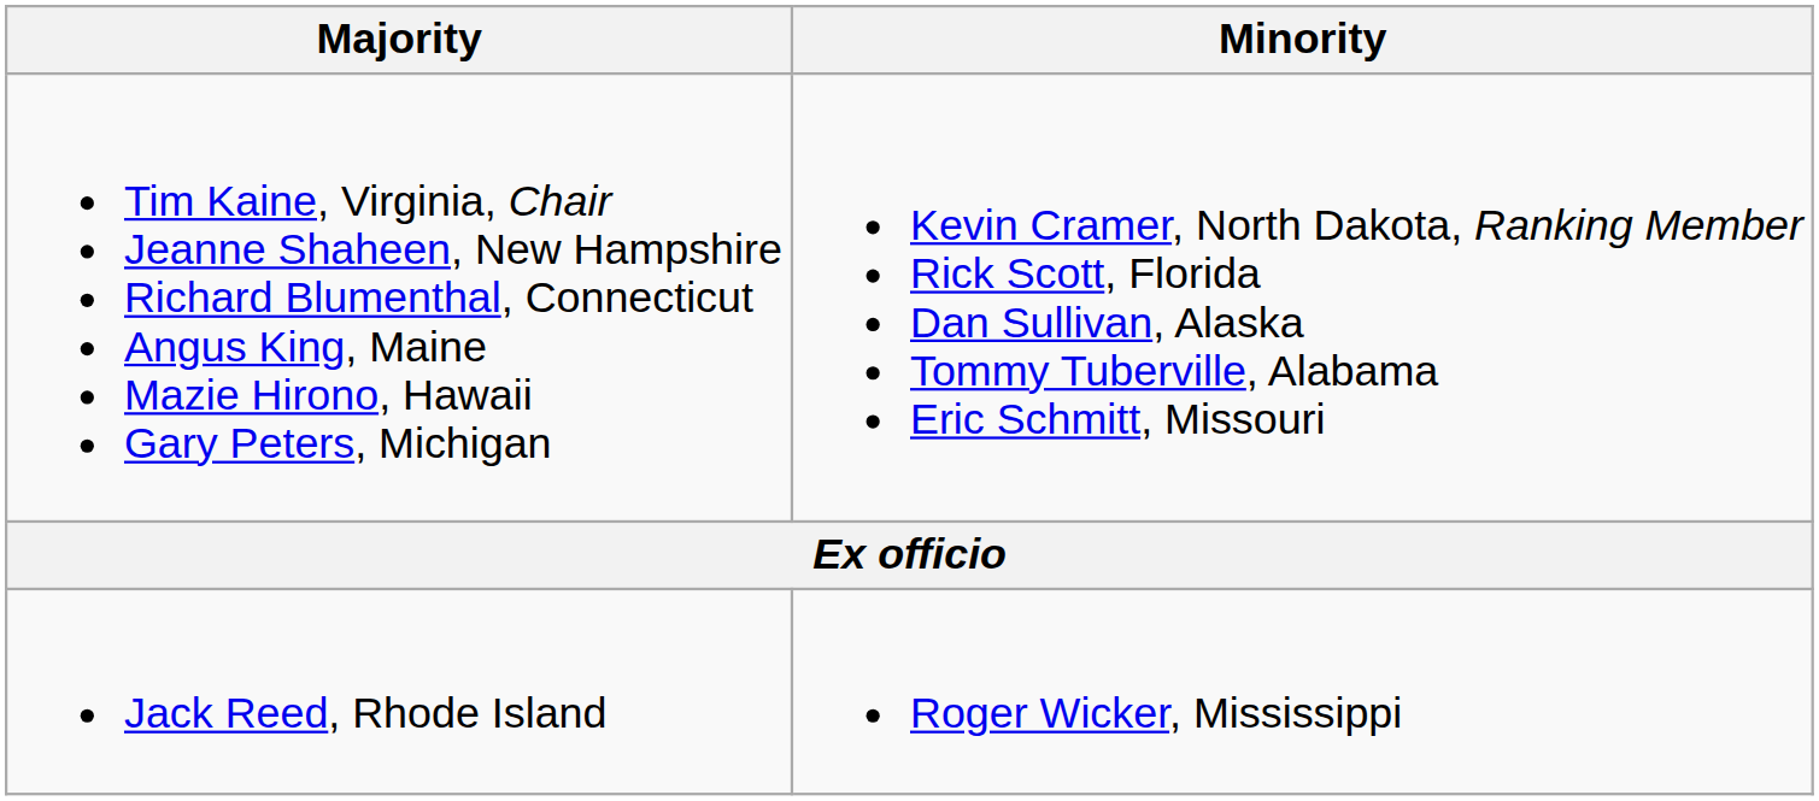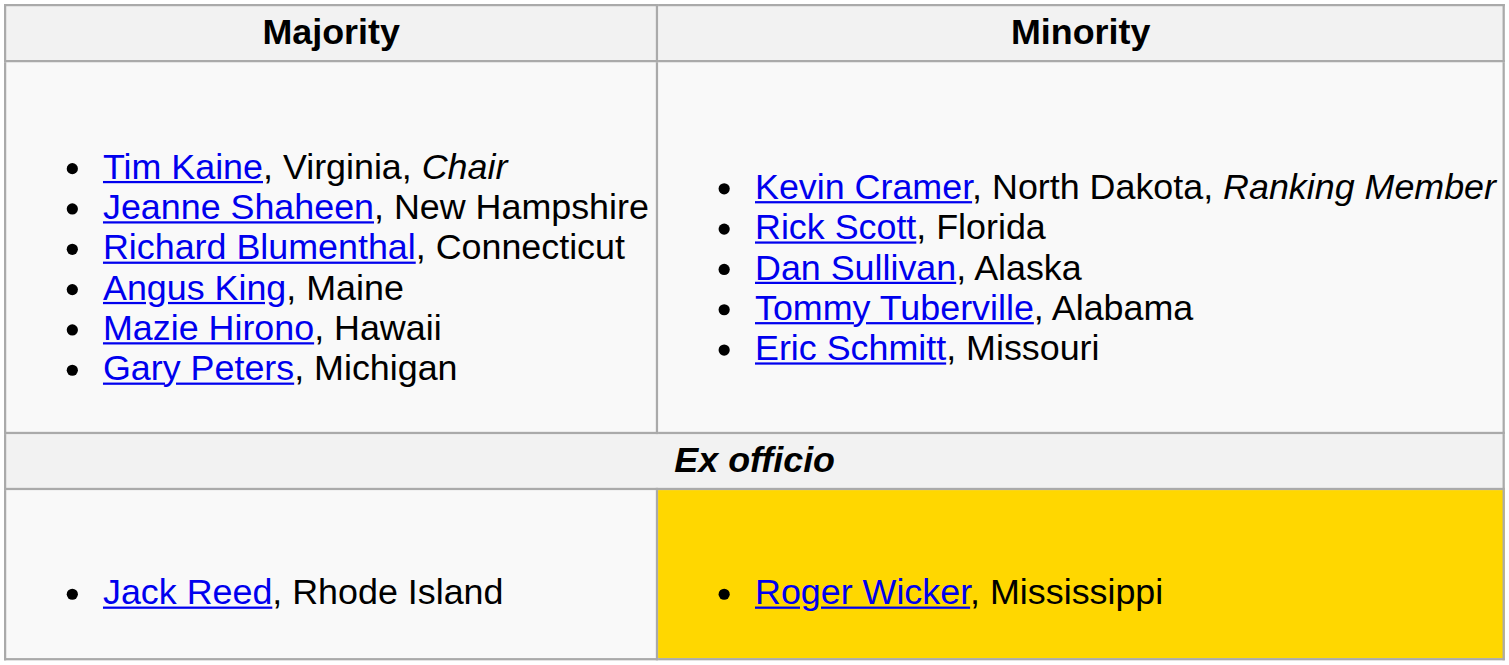 <table class=wikitable>
 <tr>
 <th>Majority</th>
 <th>Minority</th>
 </tr>
 <tr>
 <td><br><ul><li><a href='#'>Tim Kaine</a>, Virginia, <em>Chair</em></li><li><a href='#'>Jeanne Shaheen</a>, New Hampshire</li><li><a href='#'>Richard Blumenthal</a>, Connecticut</li><li><span><a href='#'>Angus King</a>, Maine</span></li><li><a href='#'>Mazie Hirono</a>, Hawaii</li><li><a href='#'>Gary Peters</a>, Michigan</li></ul></td>
 <td><br><ul><li><a href='#'>Kevin Cramer</a>, North Dakota, <em>Ranking Member</em></li><li><a href='#'>Rick Scott</a>, Florida</li><li><a href='#'>Dan Sullivan</a>, Alaska</li><li><a href='#'>Tommy Tuberville</a>, Alabama</li><li><a href='#'>Eric Schmitt</a>, Missouri</li></ul></td>
 </tr>
 <tr>
 <th colspan=2><em>Ex officio</em></th>
 </tr>
 <tr>
 <td><br><ul><li><a href='#'>Jack Reed</a>, Rhode Island</li></ul></td>
-<td><br><ul><li><a href='#'>Roger Wicker</a>, Mississippi</li></ul></td>
+<td style="background: gold;"><br><ul><li><a href='#'>Roger Wicker</a>, Mississippi</li></ul></td>
 </tr>
 </table>
